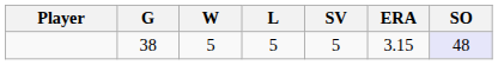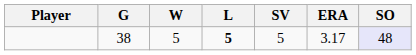 <table class="wikitable sortable">
 <tr>
 <th bgcolor="#DDDDFF" width="16%">Player</th>
 <th bgcolor="#DDDDFF" width="9%">G</th>
 <th bgcolor="#DDDDFF" width="9%">W</th>
 <th bgcolor="#DDDDFF" width="9%">L</th>
 <th bgcolor="#DDDDFF" width="9%">SV</th>
 <th bgcolor="#DDDDFF" width="9%">ERA</th>
 <th bgcolor="#DDDDFF" width="9%">SO</th>
 </tr>
 <tr align="center">
 <td></td>
 <td>38</td>
 <td>5</td>
+<td><strong>5</strong></td>
 <td>5</td>
-<td>5</td>
-<td>3.15</td>
+<td>3.17</td>
 <td style="background: lavender;">48</td>
 </tr>
 </table>
